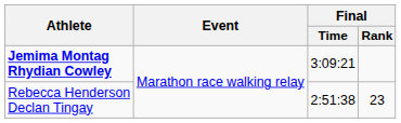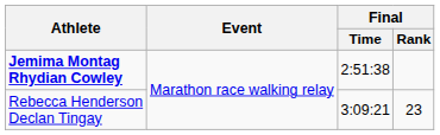 <table class=wikitable style=font-size:90%;text-align:center>
 <tr>
 <th rowspan=2>Athlete</th>
 <th rowspan=2>Event</th>
 <th colspan=2>Final</th>
 </tr>
 <tr style=font-size:95%>
 <th>Time</th>
 <th>Rank</th>
 </tr>
 <tr>
 <td align=left><strong><a href='#'>Jemima Montag</a><br><a href='#'>Rhydian Cowley</a></strong></td>
 <td align=left rowspan=2><a href='#'>Marathon race walking relay</a></td>
-<td>3:09:21</td>
+<td>2:51:38</td>
 <td></td>
 </tr>
 <tr>
 <td align=left><a href='#'>Rebecca Henderson</a><br><a href='#'>Declan Tingay</a></td>
-<td>2:51:38</td>
+<td>3:09:21</td>
 <td>23</td>
 </tr>
 </table>
